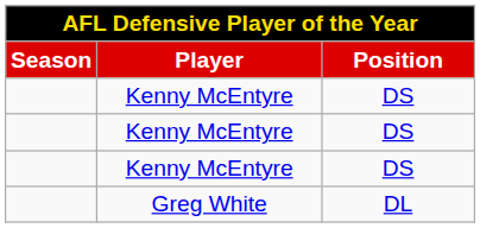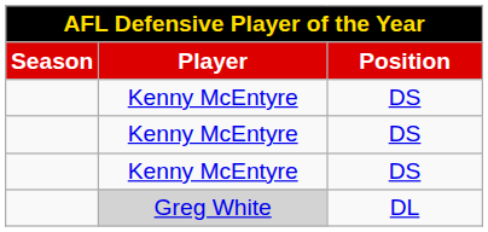 <table class="wikitable sortable" style="text-align:center">
 <tr>
 <td colspan="4" style="background:black; color:#FFDF00;"><strong>AFL Defensive Player of the Year</strong></td>
 </tr>
 <tr>
 <th style="width:50px; background:#d00; color:white;">Season</th>
 <th style="width:150px; background:#d00; color:white;">Player</th>
 <th style="width:100px; background:#d00; color:white;">Position</th>
 </tr>
 <tr>
 <td></td>
 <td><a href='#'>Kenny McEntyre</a></td>
 <td><a href='#'>DS</a></td>
 </tr>
 <tr>
 <td></td>
 <td><a href='#'>Kenny McEntyre</a></td>
 <td><a href='#'>DS</a></td>
 </tr>
 <tr>
 <td></td>
 <td><a href='#'>Kenny McEntyre</a></td>
 <td><a href='#'>DS</a></td>
 </tr>
 <tr>
 <td></td>
-<td><a href='#'>Greg White</a></td>
+<td style="background: lightgrey;"><a href='#'>Greg White</a></td>
 <td><a href='#'>DL</a></td>
 </tr>
 </table>
